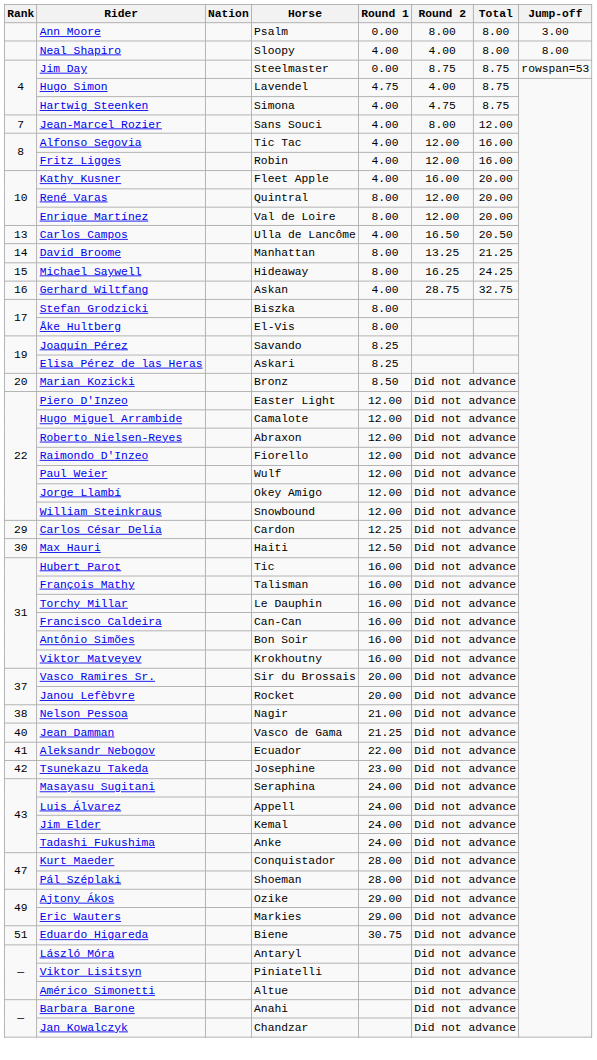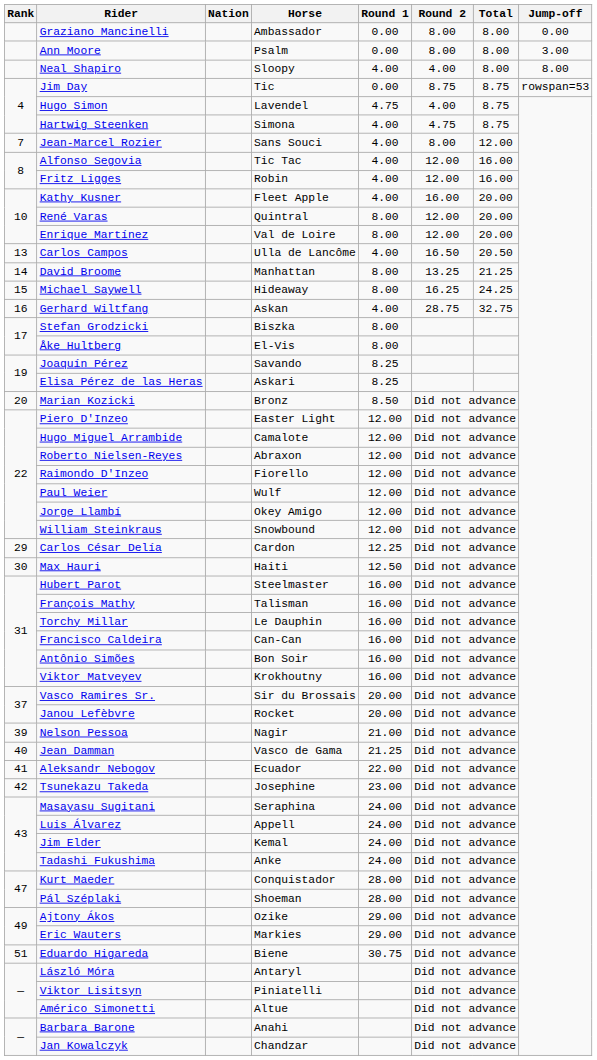 <table class="wikitable sortable" style="text-align:center">
 <tr>
 <th>Rank</th>
 <th>Rider</th>
 <th>Nation</th>
 <th>Horse</th>
 <th>Round 1</th>
 <th>Round 2</th>
 <th>Total</th>
 <th>Jump-off</th>
+</tr>
+<tr>
+<td></td>
+<td align=left><a href='#'>Graziano Mancinelli</a></td>
+<td align=left></td>
+<td align=left>Ambassador</td>
+<td>0.00</td>
+<td>8.00</td>
+<td>8.00</td>
+<td>0.00</td>
 </tr>
 <tr>
 <td></td>
 <td align=left><a href='#'>Ann Moore</a></td>
 <td align=left></td>
 <td align=left>Psalm</td>
 <td>0.00</td>
 <td>8.00</td>
 <td>8.00</td>
 <td>3.00</td>
 </tr>
 <tr>
 <td></td>
 <td align=left><a href='#'>Neal Shapiro</a></td>
 <td align=left></td>
 <td align=left>Sloopy</td>
 <td>4.00</td>
 <td>4.00</td>
 <td>8.00</td>
 <td>8.00</td>
 </tr>
 <tr>
 <td rowspan=3>4</td>
 <td align=left><a href='#'>Jim Day</a></td>
 <td align=left></td>
-<td align=left>Steelmaster</td>
+<td align=left>Tic</td>
 <td>0.00</td>
 <td>8.75</td>
 <td>8.75</td>
 <td>rowspan=53 </td>
 </tr>
 <tr>
 <td align=left><a href='#'>Hugo Simon</a></td>
 <td align=left></td>
 <td align=left>Lavendel</td>
 <td>4.75</td>
 <td>4.00</td>
 <td>8.75</td>
 </tr>
 <tr>
 <td align=left><a href='#'>Hartwig Steenken</a></td>
 <td align=left></td>
 <td align=left>Simona</td>
 <td>4.00</td>
 <td>4.75</td>
 <td>8.75</td>
 </tr>
 <tr>
 <td>7</td>
 <td align=left><a href='#'>Jean-Marcel Rozier</a></td>
 <td align=left></td>
 <td align=left>Sans Souci</td>
 <td>4.00</td>
 <td>8.00</td>
 <td>12.00</td>
 </tr>
 <tr>
 <td rowspan=2>8</td>
 <td align=left><a href='#'>Alfonso Segovia</a></td>
 <td align=left></td>
 <td align=left>Tic Tac</td>
 <td>4.00</td>
 <td>12.00</td>
 <td>16.00</td>
 </tr>
 <tr>
 <td align=left><a href='#'>Fritz Ligges</a></td>
 <td align=left></td>
 <td align=left>Robin</td>
 <td>4.00</td>
 <td>12.00</td>
 <td>16.00</td>
 </tr>
 <tr>
 <td rowspan=3>10</td>
 <td align=left><a href='#'>Kathy Kusner</a></td>
 <td align=left></td>
 <td align=left>Fleet Apple</td>
 <td>4.00</td>
 <td>16.00</td>
 <td>20.00</td>
 </tr>
 <tr>
 <td align=left><a href='#'>René Varas</a></td>
 <td align=left></td>
 <td align=left>Quintral</td>
 <td>8.00</td>
 <td>12.00</td>
 <td>20.00</td>
 </tr>
 <tr>
 <td align=left><a href='#'>Enrique Martínez</a></td>
 <td align=left></td>
 <td align=left>Val de Loire</td>
 <td>8.00</td>
 <td>12.00</td>
 <td>20.00</td>
 </tr>
 <tr>
 <td>13</td>
 <td align=left><a href='#'>Carlos Campos</a></td>
 <td align=left></td>
 <td align=left>Ulla de Lancôme</td>
 <td>4.00</td>
 <td>16.50</td>
 <td>20.50</td>
 </tr>
 <tr>
 <td>14</td>
 <td align=left><a href='#'>David Broome</a></td>
 <td align=left></td>
 <td align=left>Manhattan</td>
 <td>8.00</td>
 <td>13.25</td>
 <td>21.25</td>
 </tr>
 <tr>
 <td>15</td>
 <td align=left><a href='#'>Michael Saywell</a></td>
 <td align=left></td>
 <td align=left>Hideaway</td>
 <td>8.00</td>
 <td>16.25</td>
 <td>24.25</td>
 </tr>
 <tr>
 <td>16</td>
 <td align=left><a href='#'>Gerhard Wiltfang</a></td>
 <td align=left></td>
 <td align=left>Askan</td>
 <td>4.00</td>
 <td>28.75</td>
 <td>32.75</td>
 </tr>
 <tr>
 <td rowspan=2>17</td>
 <td align=left><a href='#'>Stefan Grodzicki</a></td>
 <td align=left></td>
 <td align=left>Biszka</td>
 <td>8.00</td>
 <td data-sort-value=99.99></td>
 <td data-sort-value=50.00></td>
 </tr>
 <tr>
 <td align=left><a href='#'>Åke Hultberg</a></td>
 <td align=left></td>
 <td align=left>El-Vis</td>
 <td>8.00</td>
 <td data-sort-value=99.99></td>
 <td data-sort-value=50.00></td>
 </tr>
 <tr>
 <td rowspan=2>19</td>
 <td align=left><a href='#'>Joaquín Pérez</a></td>
 <td align=left></td>
 <td align=left>Savando</td>
 <td>8.25</td>
 <td data-sort-value=99.99></td>
 <td data-sort-value=60.00></td>
 </tr>
 <tr>
 <td align=left><a href='#'>Elisa Pérez de las Heras</a></td>
 <td align=left></td>
 <td align=left>Askari</td>
 <td>8.25</td>
 <td data-sort-value=9:99:99.9></td>
 <td data-sort-value=60.00></td>
 </tr>
 <tr>
 <td>20</td>
 <td align=left><a href='#'>Marian Kozicki</a></td>
 <td align=left></td>
 <td align=left>Bronz</td>
 <td>8.50</td>
 <td colspan=2 data-sort-value=90.00>Did not advance</td>
 </tr>
 <tr>
 <td rowspan=7>22</td>
 <td align=left><a href='#'>Piero D'Inzeo</a></td>
 <td align=left></td>
 <td align=left>Easter Light</td>
 <td>12.00</td>
 <td colspan=2 data-sort-value=90.00>Did not advance</td>
 </tr>
 <tr>
 <td align=left><a href='#'>Hugo Miguel Arrambide</a></td>
 <td align=left></td>
 <td align=left>Camalote</td>
 <td>12.00</td>
 <td colspan=2 data-sort-value=90.00>Did not advance</td>
 </tr>
 <tr>
 <td align=left><a href='#'>Roberto Nielsen-Reyes</a></td>
 <td align=left></td>
 <td align=left>Abraxon</td>
 <td>12.00</td>
 <td colspan=2 data-sort-value=90.00>Did not advance</td>
 </tr>
 <tr>
 <td align=left><a href='#'>Raimondo D'Inzeo</a></td>
 <td align=left></td>
 <td align=left>Fiorello</td>
 <td>12.00</td>
 <td colspan=2 data-sort-value=90.00>Did not advance</td>
 </tr>
 <tr>
 <td align=left><a href='#'>Paul Weier</a></td>
 <td align=left></td>
 <td align=left>Wulf</td>
 <td>12.00</td>
 <td colspan=2 data-sort-value=90.00>Did not advance</td>
 </tr>
 <tr>
 <td align=left><a href='#'>Jorge Llambí</a></td>
 <td align=left></td>
 <td align=left>Okey Amigo</td>
 <td>12.00</td>
 <td colspan=2 data-sort-value=90.00>Did not advance</td>
 </tr>
 <tr>
 <td align=left><a href='#'>William Steinkraus</a></td>
 <td align=left></td>
 <td align=left>Snowbound</td>
 <td>12.00</td>
 <td colspan=2 data-sort-value=90.00>Did not advance</td>
 </tr>
 <tr>
 <td>29</td>
 <td align=left><a href='#'>Carlos César Delía</a></td>
 <td align=left></td>
 <td align=left>Cardon</td>
 <td>12.25</td>
 <td colspan=2 data-sort-value=90.00>Did not advance</td>
 </tr>
 <tr>
 <td>30</td>
 <td align=left><a href='#'>Max Hauri</a></td>
 <td align=left></td>
 <td align=left>Haiti</td>
 <td>12.50</td>
 <td colspan=2 data-sort-value=90.00>Did not advance</td>
 </tr>
 <tr>
 <td rowspan=6>31</td>
 <td align=left><a href='#'>Hubert Parot</a></td>
 <td align=left></td>
-<td align=left>Tic</td>
+<td align=left>Steelmaster</td>
 <td>16.00</td>
 <td colspan=2 data-sort-value=90.00>Did not advance</td>
 </tr>
 <tr>
 <td align=left><a href='#'>François Mathy</a></td>
 <td align=left></td>
 <td align=left>Talisman</td>
 <td>16.00</td>
 <td colspan=2 data-sort-value=90.00>Did not advance</td>
 </tr>
 <tr>
 <td align=left><a href='#'>Torchy Millar</a></td>
 <td align=left></td>
 <td align=left>Le Dauphin</td>
 <td>16.00</td>
 <td colspan=2 data-sort-value=90.00>Did not advance</td>
 </tr>
 <tr>
 <td align=left><a href='#'>Francisco Caldeira</a></td>
 <td align=left></td>
 <td align=left>Can-Can</td>
 <td>16.00</td>
 <td colspan=2 data-sort-value=90.00>Did not advance</td>
 </tr>
 <tr>
 <td align=left><a href='#'>Antônio Simões</a></td>
 <td align=left></td>
 <td align=left>Bon Soir</td>
 <td>16.00</td>
 <td colspan=2 data-sort-value=90.00>Did not advance</td>
 </tr>
 <tr>
 <td align=left><a href='#'>Viktor Matveyev</a></td>
 <td align=left></td>
 <td align=left>Krokhoutny</td>
 <td>16.00</td>
 <td colspan=2 data-sort-value=90.00>Did not advance</td>
 </tr>
 <tr>
 <td rowspan=2>37</td>
 <td align=left><a href='#'>Vasco Ramires Sr.</a></td>
 <td align=left></td>
 <td align=left>Sir du Brossais</td>
 <td>20.00</td>
 <td colspan=2 data-sort-value=90.00>Did not advance</td>
 </tr>
 <tr>
 <td align=left><a href='#'>Janou Lefèbvre</a></td>
 <td align=left></td>
 <td align=left>Rocket</td>
 <td>20.00</td>
 <td colspan=2 data-sort-value=90.00>Did not advance</td>
 </tr>
 <tr>
-<td>38</td>
+<td>39</td>
 <td align=left><a href='#'>Nelson Pessoa</a></td>
 <td align=left></td>
 <td align=left>Nagir</td>
 <td>21.00</td>
 <td colspan=2 data-sort-value=90.00>Did not advance</td>
 </tr>
 <tr>
 <td>40</td>
 <td align=left><a href='#'>Jean Damman</a></td>
 <td align=left></td>
 <td align=left>Vasco de Gama</td>
 <td>21.25</td>
 <td colspan=2 data-sort-value=90.00>Did not advance</td>
 </tr>
 <tr>
 <td>41</td>
 <td align=left><a href='#'>Aleksandr Nebogov</a></td>
 <td align=left></td>
 <td align=left>Ecuador</td>
 <td>22.00</td>
 <td colspan=2 data-sort-value=90.00>Did not advance</td>
 </tr>
 <tr>
 <td>42</td>
 <td align=left><a href='#'>Tsunekazu Takeda</a></td>
 <td align=left></td>
 <td align=left>Josephine</td>
 <td>23.00</td>
 <td colspan=2 data-sort-value=90.00>Did not advance</td>
 </tr>
 <tr>
 <td rowspan=4>43</td>
 <td align=left><a href='#'>Masayasu Sugitani</a></td>
 <td align=left></td>
 <td align=left>Seraphina</td>
 <td>24.00</td>
 <td colspan=2 data-sort-value=90.00>Did not advance</td>
 </tr>
 <tr>
 <td align=left><a href='#'>Luis Álvarez</a></td>
 <td align=left></td>
 <td align=left>Appell</td>
 <td>24.00</td>
 <td colspan=2 data-sort-value=90.00>Did not advance</td>
 </tr>
 <tr>
 <td align=left><a href='#'>Jim Elder</a></td>
 <td align=left></td>
 <td align=left>Kemal</td>
 <td>24.00</td>
 <td colspan=2 data-sort-value=90.00>Did not advance</td>
 </tr>
 <tr>
 <td align=left><a href='#'>Tadashi Fukushima</a></td>
 <td align=left></td>
 <td align=left>Anke</td>
 <td>24.00</td>
 <td colspan=2 data-sort-value=90.00>Did not advance</td>
 </tr>
 <tr>
 <td rowspan=2>47</td>
 <td align=left><a href='#'>Kurt Maeder</a></td>
 <td align=left></td>
 <td align=left>Conquistador</td>
 <td>28.00</td>
 <td colspan=2 data-sort-value=90.00>Did not advance</td>
 </tr>
 <tr>
 <td align=left><a href='#'>Pál Széplaki</a></td>
 <td align=left></td>
 <td align=left>Shoeman</td>
 <td>28.00</td>
 <td colspan=2 data-sort-value=90.00>Did not advance</td>
 </tr>
 <tr>
 <td rowspan=2>49</td>
 <td align=left><a href='#'>Ajtony Ákos</a></td>
 <td align=left></td>
 <td align=left>Ozike</td>
 <td>29.00</td>
 <td colspan=2 data-sort-value=90.00>Did not advance</td>
 </tr>
 <tr>
 <td align=left><a href='#'>Eric Wauters</a></td>
 <td align=left></td>
 <td align=left>Markies</td>
 <td>29.00</td>
 <td colspan=2 data-sort-value=90.00>Did not advance</td>
 </tr>
 <tr>
 <td>51</td>
 <td align=left><a href='#'>Eduardo Higareda</a></td>
 <td align=left></td>
 <td align=left>Biene</td>
 <td>30.75</td>
 <td colspan=2 data-sort-value=90.00>Did not advance</td>
 </tr>
 <tr>
 <td rowspan=3>—</td>
 <td align=left><a href='#'>László Móra</a></td>
 <td align=left></td>
 <td align=left>Antaryl</td>
 <td data-sort-value=80.00></td>
 <td colspan=2 data-sort-value=90.00>Did not advance</td>
 </tr>
 <tr>
 <td align=left><a href='#'>Viktor Lisitsyn</a></td>
 <td align=left></td>
 <td align=left>Piniatelli</td>
 <td data-sort-value=80.00></td>
 <td colspan=2 data-sort-value=90.00>Did not advance</td>
 </tr>
 <tr>
 <td align=left><a href='#'>Américo Simonetti</a></td>
 <td align=left></td>
 <td align=left>Altue</td>
 <td data-sort-value=80.00></td>
 <td colspan=2 data-sort-value=90.00>Did not advance</td>
 </tr>
 <tr>
 <td rowspan=2>—</td>
 <td align=left><a href='#'>Barbara Barone</a></td>
 <td align=left></td>
 <td align=left>Anahi</td>
 <td data-sort-value=99.99></td>
 <td colspan=2 data-sort-value=90.00>Did not advance</td>
 </tr>
 <tr>
 <td align=left><a href='#'>Jan Kowalczyk</a></td>
 <td align=left></td>
 <td align=left>Chandzar</td>
 <td data-sort-value=99.99></td>
 <td colspan=2 data-sort-value=90.00>Did not advance</td>
 </tr>
 </table>
